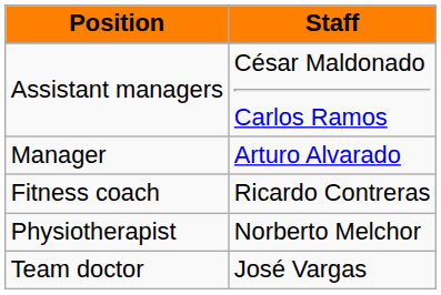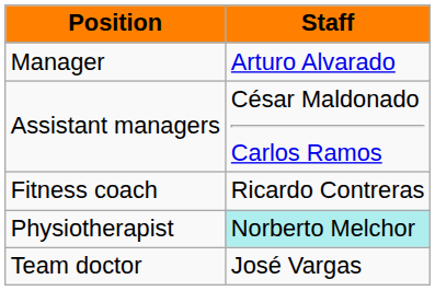 <table class="wikitable">
 <tr>
 <th style=background-color:#FF8000;color:black>Position</th>
 <th style=background-color:#FF8000;color:black>Staff</th>
 </tr>
 <tr>
 </tr>
 <tr>
+<td>Manager</td>
+<td> <a href='#'>Arturo Alvarado</a></td>
+</tr>
+<tr>
 <td>Assistant managers</td>
 <td> César Maldonado<hr> <a href='#'>Carlos Ramos</a></td>
-</tr>
-<tr>
-<td>Manager</td>
-<td> <a href='#'>Arturo Alvarado</a></td>
 </tr>
 <tr>
 <td>Fitness coach</td>
 <td> Ricardo Contreras</td>
 </tr>
 <tr>
 <td>Physiotherapist</td>
-<td> Norberto Melchor</td>
+<td style="background: paleturquoise;"> Norberto Melchor</td>
 </tr>
 <tr>
 <td>Team doctor</td>
 <td> José Vargas</td>
 </tr>
 </table>
